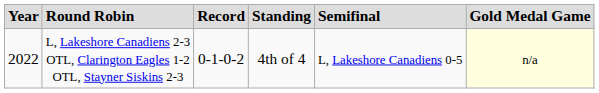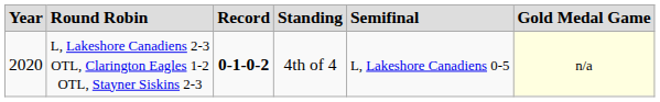 <table class="wikitable">
 <tr style="font-weight:bold; background-color:#dddddd;" |>
 <td>Year</td>
 <td>Round Robin</td>
 <td>Record</td>
 <td>Standing</td>
 <td>Semifinal</td>
 <td>Gold Medal Game</td>
 </tr>
 <tr align=center>
-<td>2022</td>
+<td>2020</td>
 <td><small>L, <a href='#'>Lakeshore Canadiens</a> 2-3<br>OTL, <a href='#'>Clarington Eagles</a> 1-2<br>OTL, <a href='#'>Stayner Siskins</a> 2-3</small></td>
-<td>0-1-0-2</td>
+<td><strong>0-1-0-2</strong></td>
 <td>4th of 4</td>
 <td><small>L, <a href='#'>Lakeshore Canadiens</a> 0-5</small></td>
 <td style="background: lightyellow;"><small>n/a</small></td>
 </tr>
 </table>
